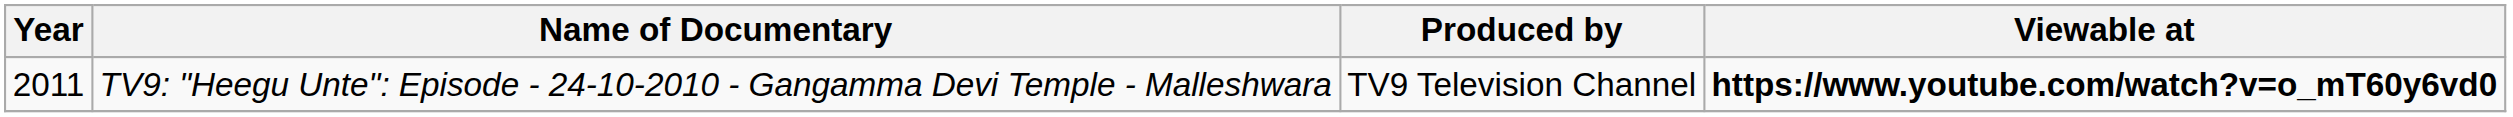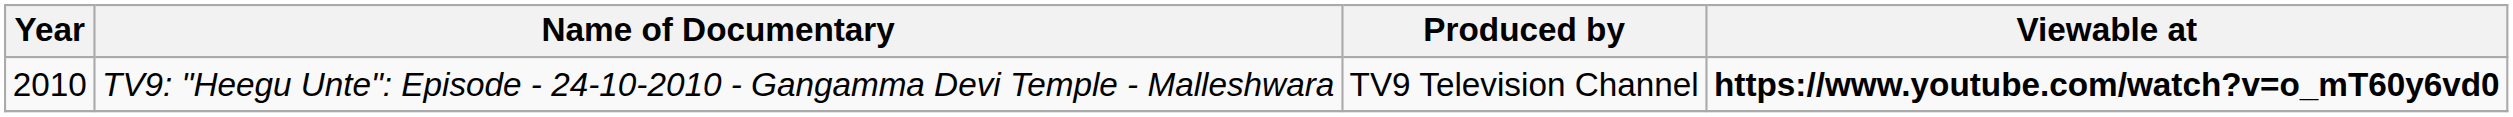 <table class="wikitable">
 <tr style="background:#ccc; text-align:center;">
 <th>Year</th>
 <th>Name of Documentary</th>
 <th>Produced by</th>
 <th>Viewable at</th>
 </tr>
 <tr>
-<td>2011</td>
+<td>2010</td>
 <td><em>TV9: "Heegu Unte": Episode - 24-10-2010 - Gangamma Devi Temple - Malleshwara</em></td>
 <td>TV9 Television Channel</td>
 <td><strong>https://www.youtube.com/watch?v=o_mT60y6vd0</strong></td>
 </tr>
 <tr>
 </tr>
 </table>
